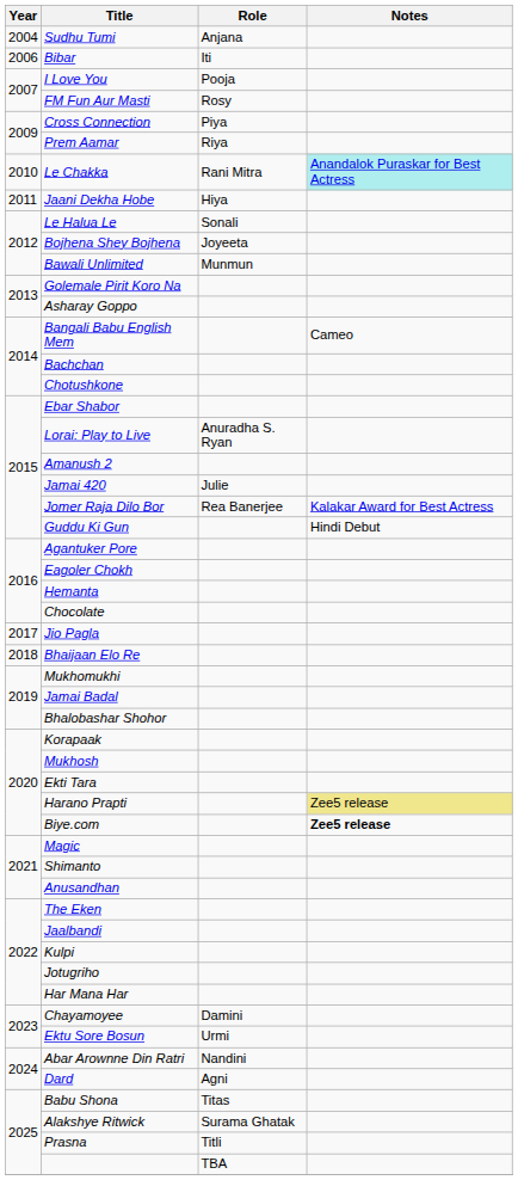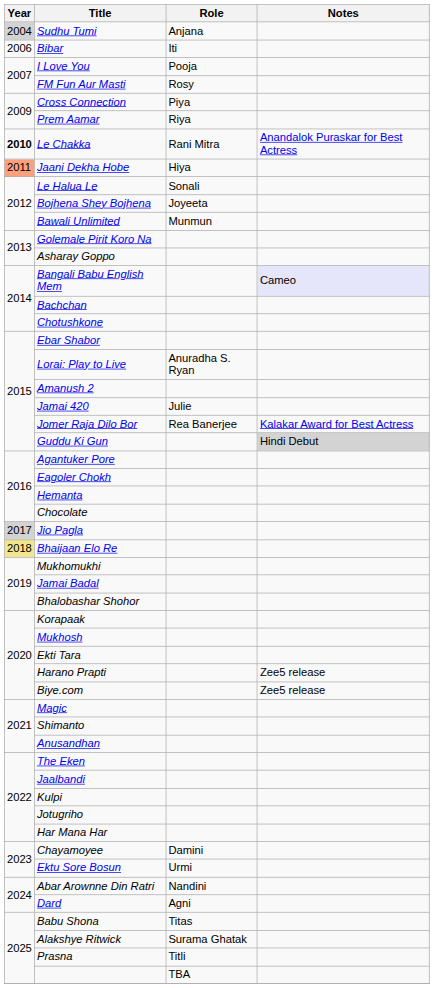 <table class="wikitable sortable">
 <tr>
 <th scope="col">Year</th>
 <th scope="col">Title</th>
 <th scope="col">Role</th>
 <th scope="col" class="unsortable">Notes</th>
 </tr>
 <tr>
-<td>2004</td>
+<td style="background: lightgrey;">2004</td>
 <td><em><a href='#'>Sudhu Tumi</a></em></td>
 <td>Anjana</td>
 <td></td>
 </tr>
 <tr>
 <td>2006</td>
 <td><em><a href='#'>Bibar</a></em></td>
 <td>Iti</td>
 <td></td>
 </tr>
 <tr>
 <td rowspan="2">2007</td>
 <td><em><a href='#'>I Love You</a></em></td>
 <td>Pooja</td>
 <td></td>
 </tr>
 <tr>
 <td><em><a href='#'>FM Fun Aur Masti</a></em></td>
 <td>Rosy</td>
 <td></td>
 </tr>
 <tr>
 <td rowspan="2">2009</td>
 <td><em><a href='#'>Cross Connection</a></em></td>
 <td>Piya</td>
 <td></td>
 </tr>
 <tr>
 <td><em><a href='#'>Prem Aamar</a></em></td>
 <td>Riya</td>
 <td></td>
 </tr>
 <tr>
-<td>2010</td>
+<td><strong>2010</strong></td>
 <td><em><a href='#'>Le Chakka</a></em></td>
 <td>Rani Mitra</td>
-<td style="background: paleturquoise;"><a href='#'>Anandalok Puraskar for Best Actress</a></td>
+<td><a href='#'>Anandalok Puraskar for Best Actress</a></td>
 </tr>
 <tr>
-<td>2011</td>
+<td style="background: lightsalmon;">2011</td>
 <td><em><a href='#'>Jaani Dekha Hobe</a></em></td>
 <td>Hiya</td>
 <td></td>
 </tr>
 <tr>
 <td rowspan="3">2012</td>
 <td><em><a href='#'>Le Halua Le</a></em></td>
 <td>Sonali</td>
 <td></td>
 </tr>
 <tr>
 <td><em><a href='#'>Bojhena Shey Bojhena</a></em></td>
 <td>Joyeeta</td>
 <td></td>
 </tr>
 <tr>
 <td><em><a href='#'>Bawali Unlimited</a></em></td>
 <td>Munmun</td>
 <td></td>
 </tr>
 <tr>
 <td rowspan="2">2013</td>
 <td><em><a href='#'>Golemale Pirit Koro Na</a></em></td>
 <td></td>
 <td></td>
 </tr>
 <tr>
 <td><em>Asharay Goppo</em></td>
 <td></td>
 <td></td>
 </tr>
 <tr>
 <td rowspan="3">2014</td>
 <td><em><a href='#'>Bangali Babu English Mem</a></em></td>
 <td></td>
-<td>Cameo</td>
+<td style="background: lavender;">Cameo</td>
 </tr>
 <tr>
 <td><em><a href='#'>Bachchan</a></em></td>
 <td></td>
 <td></td>
 </tr>
 <tr>
 <td><em><a href='#'>Chotushkone</a></em></td>
 <td></td>
 <td></td>
 </tr>
 <tr>
 <td rowspan="6">2015</td>
 <td><em><a href='#'>Ebar Shabor</a></em></td>
 <td></td>
 <td></td>
 </tr>
 <tr>
 <td><em><a href='#'>Lorai: Play to Live</a></em></td>
 <td>Anuradha S. Ryan</td>
 <td></td>
 </tr>
 <tr>
 <td><em><a href='#'>Amanush 2</a></em></td>
 <td></td>
 <td></td>
 </tr>
 <tr>
 <td><em><a href='#'>Jamai 420</a></em></td>
 <td>Julie</td>
 <td></td>
 </tr>
 <tr>
 <td><em><a href='#'>Jomer Raja Dilo Bor</a></em></td>
 <td>Rea Banerjee</td>
 <td><a href='#'>Kalakar Award for Best Actress</a></td>
 </tr>
 <tr>
 <td><em><a href='#'>Guddu Ki Gun</a></em></td>
 <td></td>
-<td>Hindi Debut</td>
+<td style="background: lightgrey;">Hindi Debut</td>
 </tr>
 <tr>
 <td rowspan="4">2016</td>
 <td><em><a href='#'>Agantuker Pore</a></em></td>
 <td></td>
 <td></td>
 </tr>
 <tr>
 <td><em><a href='#'>Eagoler Chokh</a></em></td>
 <td></td>
 <td></td>
 </tr>
 <tr>
 <td><em><a href='#'>Hemanta</a></em></td>
 <td></td>
 <td></td>
 </tr>
 <tr>
 <td><em>Chocolate</em></td>
 <td></td>
 <td></td>
 </tr>
 <tr>
-<td>2017</td>
+<td style="background: lightgrey;">2017</td>
 <td><em><a href='#'>Jio Pagla</a></em></td>
 <td></td>
 <td></td>
 </tr>
 <tr>
-<td>2018</td>
+<td style="background: khaki;">2018</td>
 <td><em><a href='#'>Bhaijaan Elo Re</a></em></td>
 <td></td>
 <td></td>
 </tr>
 <tr>
 <td rowspan="3">2019</td>
 <td><em>Mukhomukhi</em></td>
 <td></td>
 <td></td>
 </tr>
 <tr>
 <td><em><a href='#'>Jamai Badal</a></em></td>
 <td></td>
 <td></td>
 </tr>
 <tr>
 <td><em>Bhalobashar Shohor</em></td>
 <td></td>
 <td></td>
 </tr>
 <tr>
 <td rowspan="5">2020</td>
 <td><em>Korapaak</em></td>
 <td></td>
 <td></td>
 </tr>
 <tr>
 <td><em><a href='#'>Mukhosh</a></em></td>
 <td></td>
 <td></td>
 </tr>
 <tr>
 <td><em>Ekti Tara</em></td>
 <td></td>
 <td></td>
 </tr>
 <tr>
 <td><em>Harano Prapti</em></td>
 <td></td>
-<td style="background: khaki;">Zee5 release</td>
+<td>Zee5 release</td>
 </tr>
 <tr>
 <td><em>Biye.com</em></td>
 <td></td>
-<td><strong>Zee5 release</strong></td>
+<td>Zee5 release</td>
 </tr>
 <tr>
 <td rowspan="3">2021</td>
 <td><em><a href='#'>Magic</a></em></td>
 <td></td>
 <td></td>
 </tr>
 <tr>
 <td><em>Shimanto</em></td>
 <td></td>
 <td></td>
 </tr>
 <tr>
 <td><em><a href='#'>Anusandhan</a></em></td>
 <td></td>
 <td></td>
 </tr>
 <tr>
 <td rowspan="5">2022</td>
 <td><em><a href='#'>The Eken</a></em></td>
 <td></td>
 <td></td>
 </tr>
 <tr>
 <td><em><a href='#'>Jaalbandi</a></em></td>
 <td></td>
 <td></td>
 </tr>
 <tr>
 <td><em>Kulpi</em></td>
 <td></td>
 <td></td>
 </tr>
 <tr>
 <td><em>Jotugriho</em></td>
 <td></td>
 <td></td>
 </tr>
 <tr>
 <td><em>Har Mana Har</em></td>
 <td></td>
 <td></td>
 </tr>
 <tr>
 <td rowspan="2">2023</td>
 <td><em>Chayamoyee</em></td>
 <td>Damini</td>
 <td></td>
 </tr>
 <tr>
 <td><em><a href='#'>Ektu Sore Bosun</a></em></td>
 <td>Urmi</td>
 <td></td>
 </tr>
 <tr>
 <td rowspan="2">2024</td>
 <td><em>Abar Arownne Din Ratri</em></td>
 <td>Nandini</td>
 <td></td>
 </tr>
 <tr>
 <td><em><a href='#'>Dard</a></em></td>
 <td>Agni</td>
 <td></td>
 </tr>
 <tr>
 <td rowspan="4">2025</td>
 <td><em>Babu Shona</em></td>
 <td>Titas</td>
 <td></td>
 </tr>
 <tr>
 <td><em>Alakshye Ritwick</em></td>
 <td>Surama Ghatak</td>
 <td></td>
 </tr>
 <tr>
 <td><em>Prasna</em></td>
 <td>Titli</td>
 <td></td>
 </tr>
 <tr>
 <td></td>
 <td>TBA</td>
 <td></td>
 </tr>
 <tr>
 </tr>
 </table>
